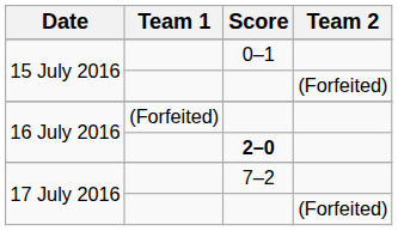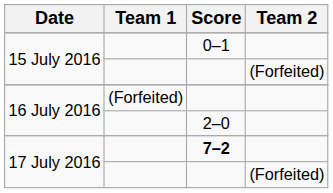 <table class="wikitable">
 <tr>
 <th>Date</th>
 <th>Team 1</th>
 <th>Score</th>
 <th>Team 2</th>
 </tr>
 <tr>
 </tr>
 <tr style=font-size:90%>
 <td rowspan=2>15 July 2016</td>
 <td></td>
 <td align="center">0–1</td>
 <td></td>
 </tr>
 <tr style=font-size:90%>
 <td></td>
 <td></td>
 <td> (Forfeited)</td>
 </tr>
 <tr>
 </tr>
 <tr style=font-size:90%>
 <td rowspan=2>16 July 2016</td>
 <td> (Forfeited)</td>
 <td></td>
 <td></td>
 </tr>
 <tr style=font-size:90%>
 <td></td>
-<td align="center"><strong>2–0</strong></td>
+<td align="center">2–0</td>
 <td></td>
 </tr>
 <tr>
 </tr>
 <tr style=font-size:90%>
 <td rowspan=2>17 July 2016</td>
 <td></td>
-<td align="center">7–2</td>
+<td align="center"><strong>7–2</strong></td>
 <td></td>
 </tr>
 <tr style=font-size:90%>
 <td></td>
 <td></td>
 <td> (Forfeited)</td>
 </tr>
 </table>
